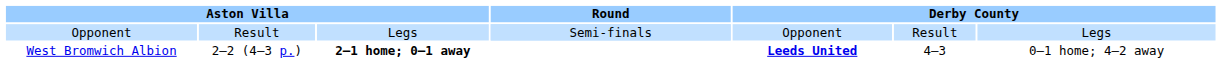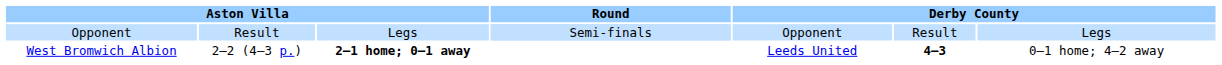 <table width="100%" bgcolor=white>
 <tr valign=top bgcolor=#99ccff>
 <th colspan=3 style="width:40%"><strong>Aston Villa</strong></th>
 <th style="width:20%"><strong>Round</strong></th>
 <th colspan=3 style="width:40%"><strong>Derby County</strong></th>
 </tr>
 <tr valign=top align="center" bgcolor=#c1e0ff>
 <td>Opponent</td>
 <td>Result</td>
 <td>Legs</td>
 <td bgcolor=#c1e0ff>Semi-finals</td>
 <td>Opponent</td>
 <td>Result</td>
 <td>Legs</td>
 </tr>
 <tr align="center">
 <td><a href='#'>West Bromwich Albion</a></td>
 <td>2–2 (4–3 <a href='#'>p.</a>)</td>
 <td><strong>2–1 home; 0–1  away</strong></td>
 <td></td>
-<td><strong><a href='#'>Leeds United</a></strong></td>
-<td>4–3</td>
+<td><a href='#'>Leeds United</a></td>
+<td><strong>4–3</strong></td>
 <td>0–1 home; 4–2 away</td>
 </tr>
 </table>
